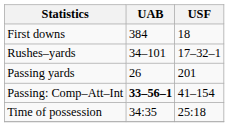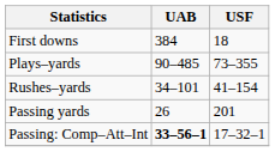 <table class="wikitable" style="float: left;">
 <tr>
 <th>Statistics</th>
 <th>UAB</th>
 <th>USF</th>
 </tr>
 <tr>
 <td>First downs</td>
 <td>384</td>
 <td>18</td>
 </tr>
 <tr>
+<td>Plays–yards</td>
+<td>90–485</td>
+<td>73–355</td>
+</tr>
+<tr>
 <td>Rushes–yards</td>
 <td>34–101</td>
-<td>17–32–1</td>
+<td>41–154</td>
 </tr>
 <tr>
 <td>Passing yards</td>
 <td>26</td>
 <td>201</td>
 </tr>
 <tr>
 <td>Passing: Comp–Att–Int</td>
 <td><strong>33–56–1</strong></td>
-<td>41–154</td>
-</tr>
-<tr>
-<td>Time of possession</td>
-<td>34:35</td>
-<td>25:18</td>
+<td>17–32–1</td>
 </tr>
 <tr>
 </tr>
 </table>
